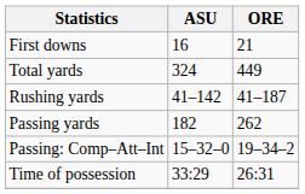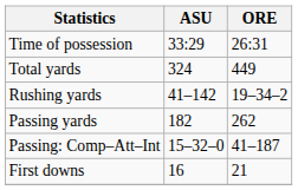 <table class="wikitable" style="float: left;">
 <tr>
 <th>Statistics</th>
 <th>ASU</th>
 <th>ORE</th>
 </tr>
 <tr>
-<td>First downs</td>
-<td>16</td>
-<td>21</td>
+<td>Time of possession</td>
+<td>33:29</td>
+<td>26:31</td>
 </tr>
 <tr>
 <td>Total yards</td>
 <td>324</td>
 <td>449</td>
 </tr>
 <tr>
 <td>Rushing yards</td>
 <td>41–142</td>
-<td>41–187</td>
+<td>19–34–2</td>
 </tr>
 <tr>
 <td>Passing yards</td>
 <td>182</td>
 <td>262</td>
 </tr>
 <tr>
 <td>Passing: Comp–Att–Int</td>
 <td>15–32–0</td>
-<td>19–34–2</td>
+<td>41–187</td>
 </tr>
 <tr>
-<td>Time of possession</td>
-<td>33:29</td>
-<td>26:31</td>
+<td>First downs</td>
+<td>16</td>
+<td>21</td>
 </tr>
 <tr>
 </tr>
 </table>
